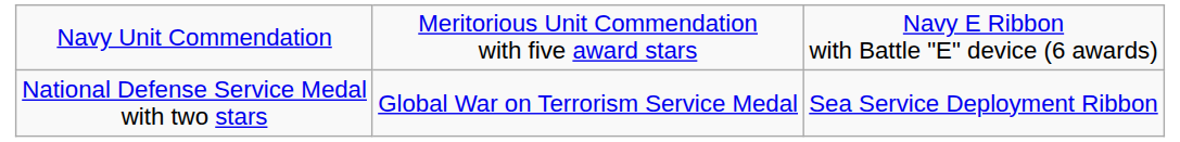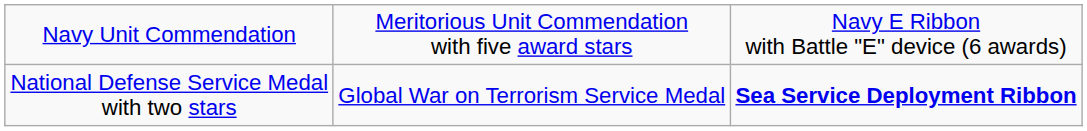 <table class="wikitable" style="margin:1em auto; text-align:center;">
 <tr>
 <td><a href='#'>Navy Unit Commendation</a></td>
 <td><a href='#'>Meritorious Unit Commendation</a><br>with five <a href='#'>award stars</a></td>
 <td><a href='#'>Navy E Ribbon</a><br>with Battle "E" device (6 awards)</td>
 </tr>
 <tr>
 <td><a href='#'>National Defense Service Medal</a><br> with two <a href='#'>stars</a></td>
 <td><a href='#'>Global War on Terrorism Service Medal</a></td>
-<td><a href='#'>Sea Service Deployment Ribbon</a></td>
+<td><strong><a href='#'>Sea Service Deployment Ribbon</a></strong></td>
 </tr>
 </table>
